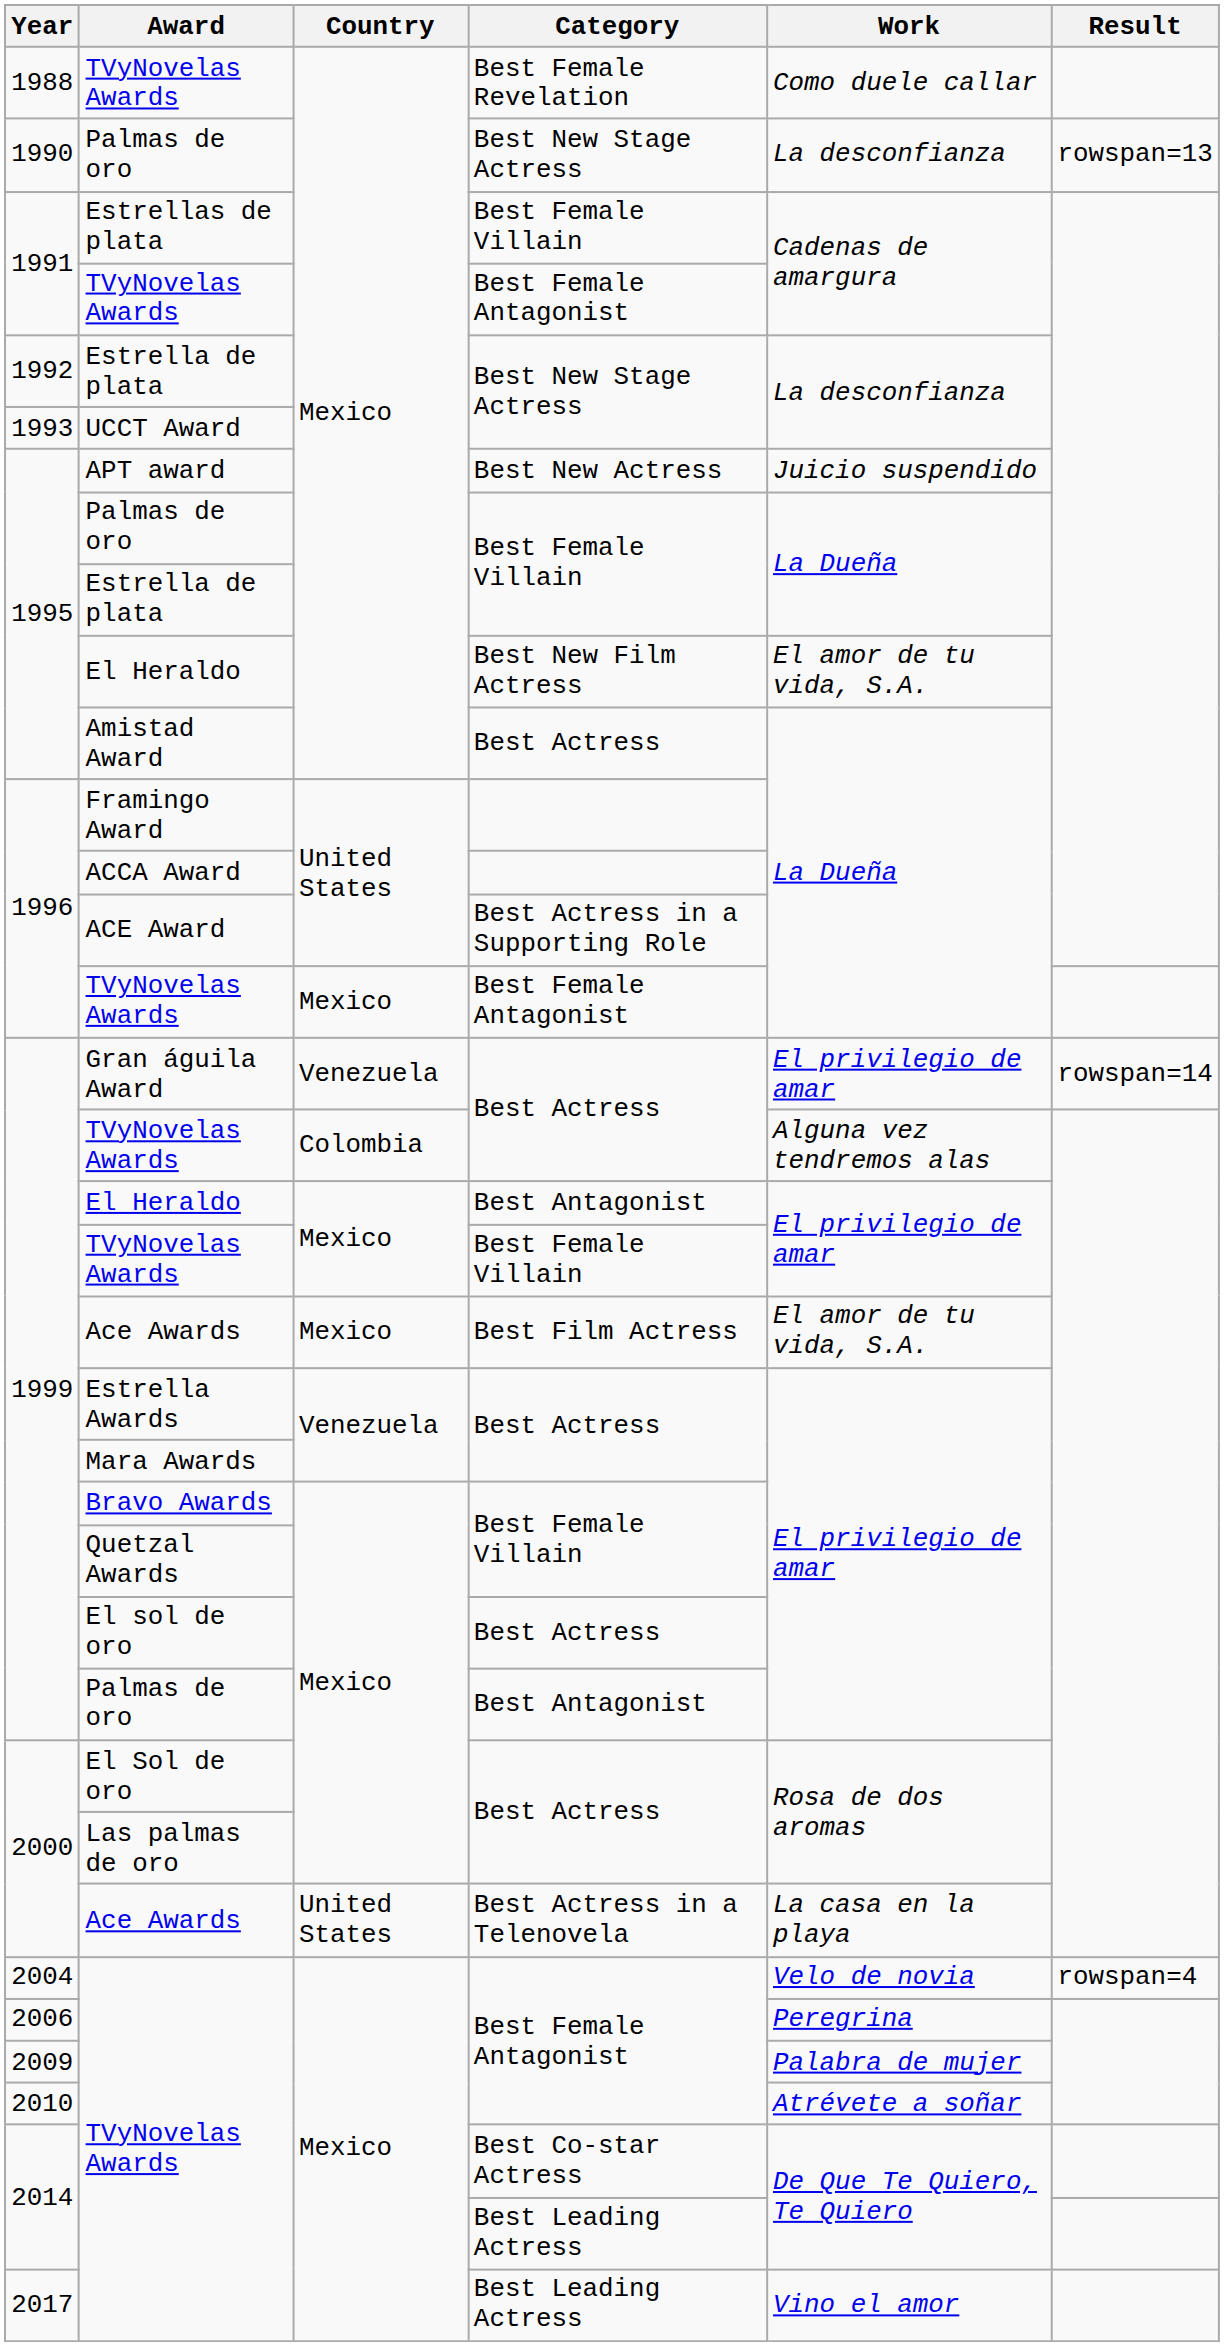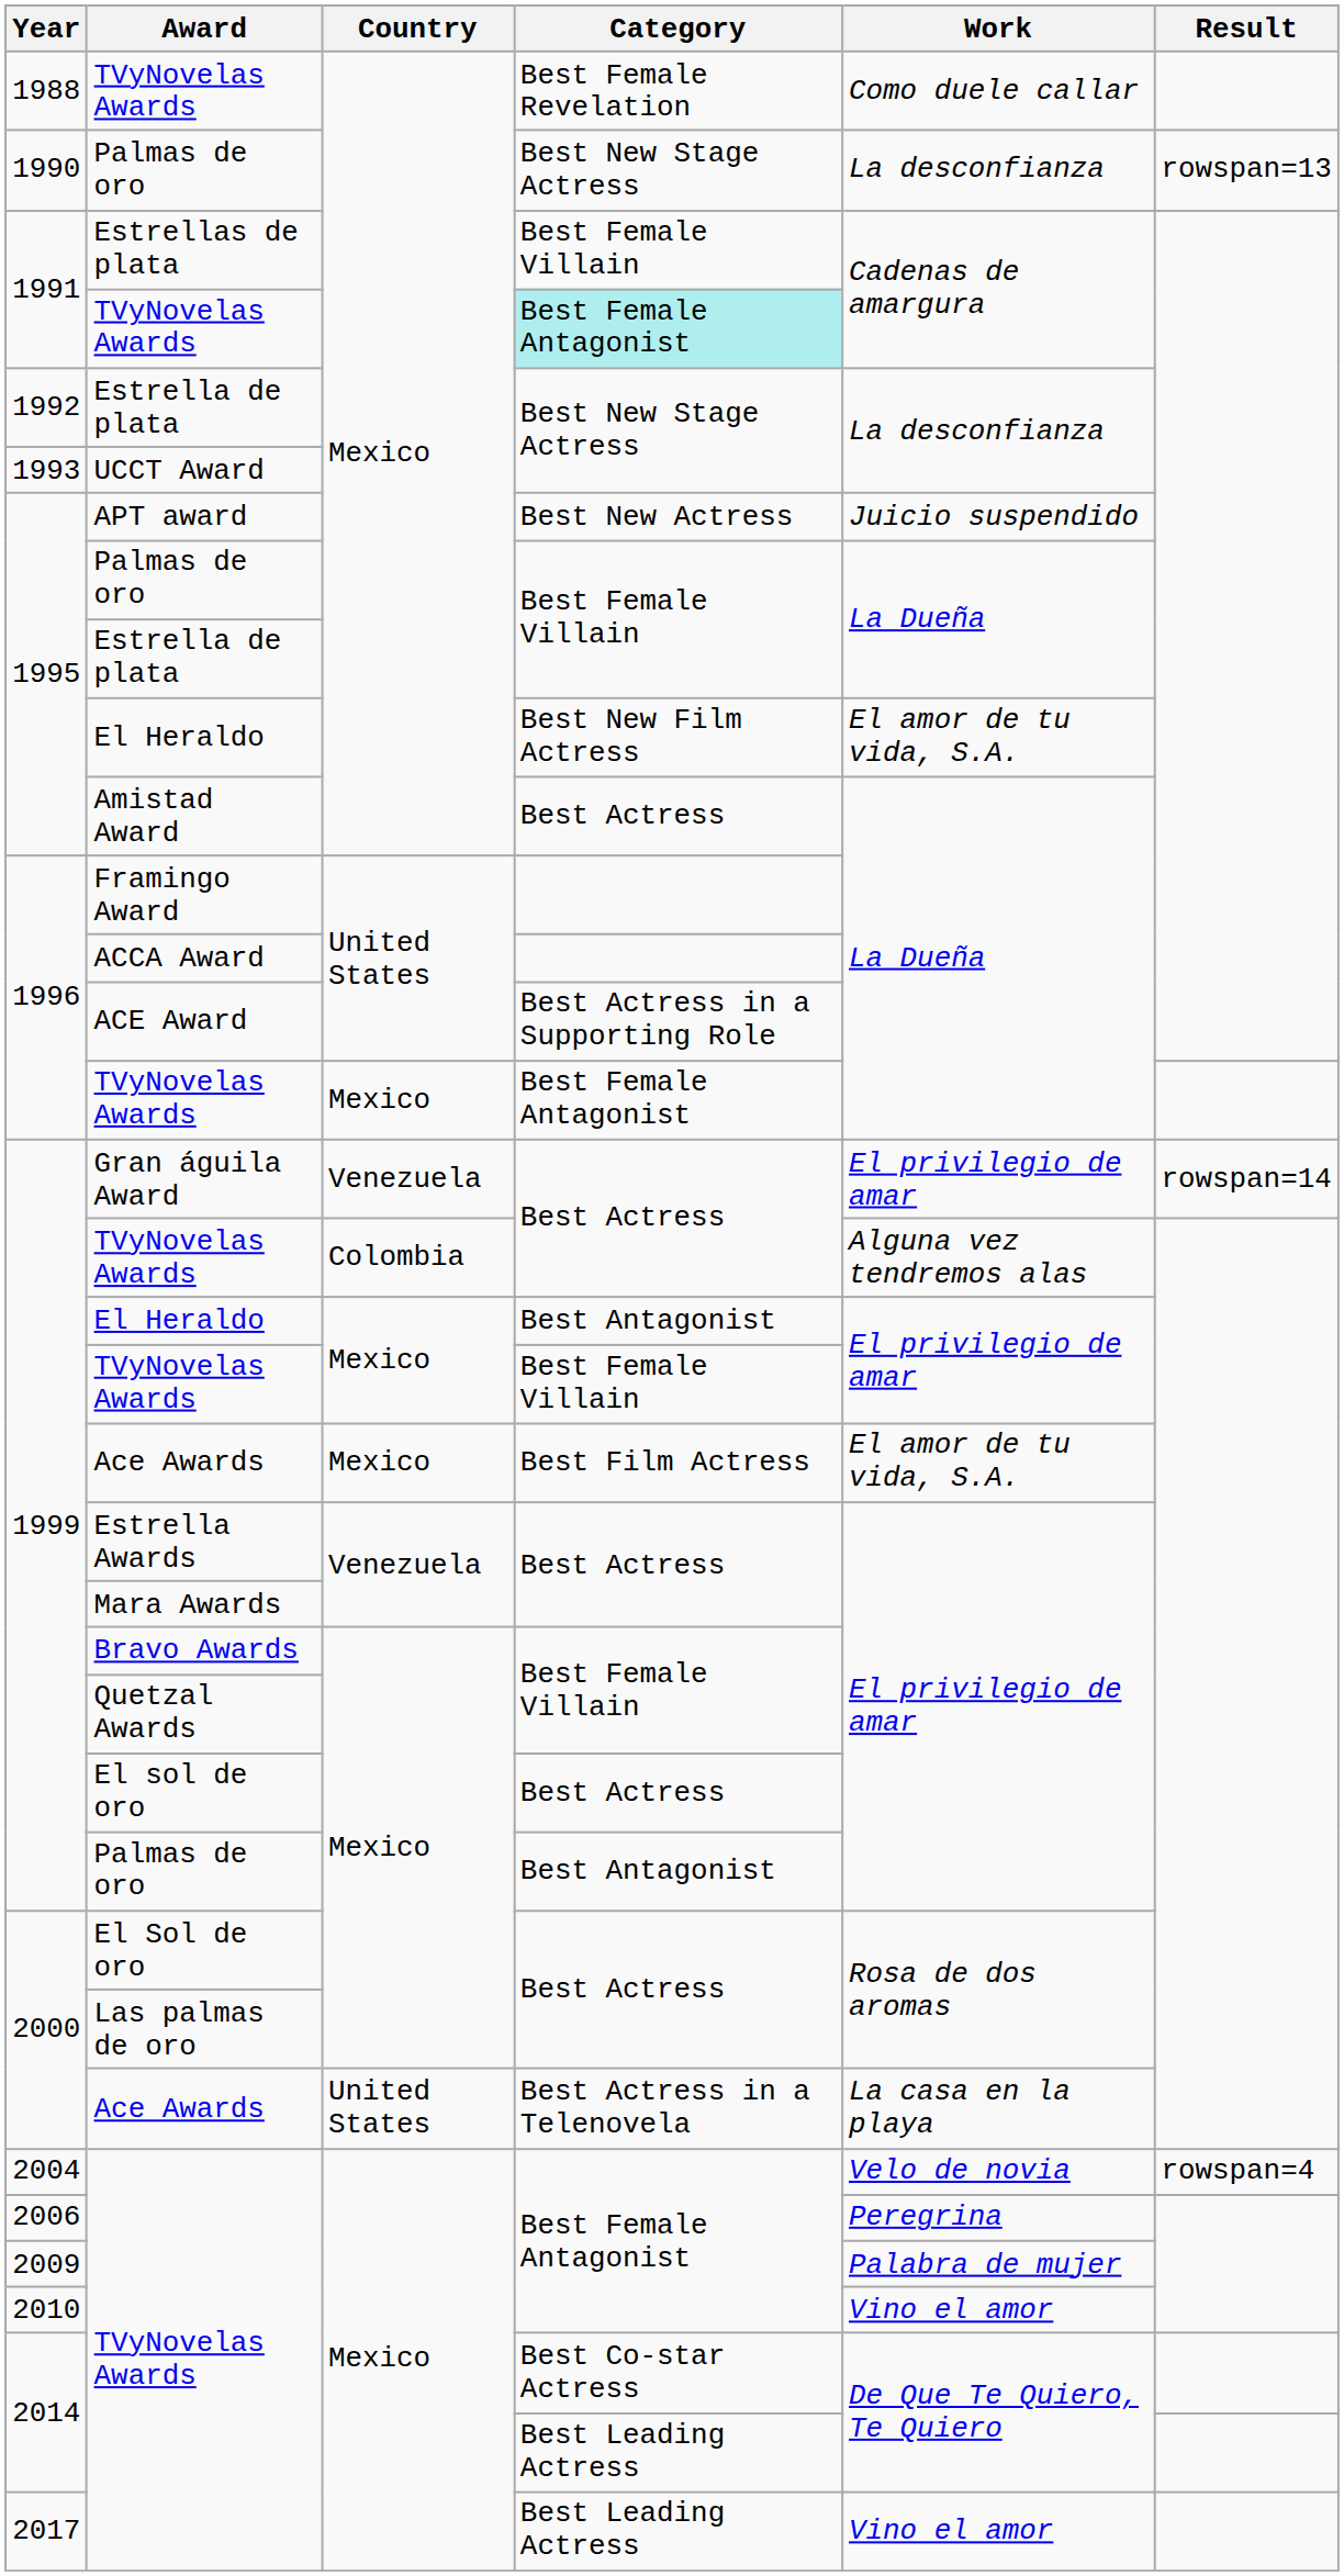 <table class="wikitable">
 <tr>
 <th>Year</th>
 <th>Award</th>
 <th>Country</th>
 <th>Category</th>
 <th>Work</th>
 <th>Result</th>
 </tr>
 <tr>
 <td>1988</td>
 <td><a href='#'>TVyNovelas Awards</a></td>
 <td rowspan=11>Mexico</td>
 <td>Best Female Revelation</td>
 <td><em> Como duele callar </em></td>
 <td></td>
 </tr>
 <tr>
 <td>1990</td>
 <td>Palmas de oro</td>
 <td>Best New Stage Actress</td>
 <td><em>La desconfianza</em></td>
 <td>rowspan=13 </td>
 </tr>
 <tr>
 <td rowspan=2>1991</td>
 <td>Estrellas de plata</td>
 <td>Best Female Villain</td>
 <td rowspan=2><em>Cadenas de amargura</em></td>
 </tr>
 <tr>
 <td><a href='#'>TVyNovelas Awards</a></td>
-<td>Best Female Antagonist</td>
+<td style="background: paleturquoise;">Best Female Antagonist</td>
 </tr>
 <tr>
 <td>1992</td>
 <td>Estrella de plata</td>
 <td rowspan=2>Best New Stage Actress</td>
 <td rowspan=2><em>La desconfianza</em></td>
 </tr>
 <tr>
 <td>1993</td>
 <td>UCCT Award</td>
 </tr>
 <tr>
 <td rowspan=5>1995</td>
 <td>APT award</td>
 <td>Best New Actress</td>
 <td><em>Juicio suspendido</em></td>
 </tr>
 <tr>
 <td>Palmas de oro</td>
 <td rowspan=2>Best Female Villain</td>
 <td rowspan=2><em><a href='#'>La Dueña</a></em></td>
 </tr>
 <tr>
 <td>Estrella de plata</td>
 </tr>
 <tr>
 <td>El Heraldo</td>
 <td>Best New Film Actress</td>
 <td><em>El amor de tu vida, S.A.</em></td>
 </tr>
 <tr>
 <td>Amistad Award</td>
 <td>Best Actress</td>
 <td rowspan=5><em><a href='#'>La Dueña</a></em></td>
 </tr>
 <tr>
 <td rowspan=4>1996</td>
 <td>Framingo Award</td>
 <td rowspan=3>United States</td>
 <td></td>
 </tr>
 <tr>
 <td>ACCA Award</td>
 <td></td>
 </tr>
 <tr>
 <td>ACE Award</td>
 <td>Best Actress in a Supporting Role</td>
 </tr>
 <tr>
 <td><a href='#'>TVyNovelas Awards</a></td>
 <td>Mexico</td>
 <td>Best Female Antagonist</td>
 <td></td>
 </tr>
 <tr>
 <td rowspan=11>1999</td>
 <td>Gran águila Award</td>
 <td>Venezuela</td>
 <td rowspan=2>Best Actress</td>
 <td><em><a href='#'>El privilegio de amar</a></em></td>
 <td>rowspan=14 </td>
 </tr>
 <tr>
 <td><a href='#'>TVyNovelas Awards</a></td>
 <td>Colombia</td>
 <td><em>Alguna vez tendremos alas</em></td>
 </tr>
 <tr>
 <td><a href='#'>El Heraldo</a></td>
 <td rowspan=2>Mexico</td>
 <td>Best Antagonist</td>
 <td rowspan=2><em><a href='#'>El privilegio de amar</a></em></td>
 </tr>
 <tr>
 <td><a href='#'>TVyNovelas Awards</a></td>
 <td>Best Female Villain</td>
 </tr>
 <tr>
 <td>Ace Awards</td>
 <td>Mexico</td>
 <td>Best Film Actress</td>
 <td><em>El amor de tu vida, S.A.</em></td>
 </tr>
 <tr>
 <td>Estrella Awards</td>
 <td rowspan=2>Venezuela</td>
 <td rowspan=2>Best Actress</td>
 <td rowspan=6><em><a href='#'>El privilegio de amar</a></em></td>
 </tr>
 <tr>
 <td>Mara Awards</td>
 </tr>
 <tr>
 <td><a href='#'>Bravo Awards</a></td>
 <td rowspan=6>Mexico</td>
 <td rowspan=2>Best Female Villain</td>
 </tr>
 <tr>
 <td>Quetzal Awards</td>
 </tr>
 <tr>
 <td>El sol de oro</td>
 <td>Best Actress</td>
 </tr>
 <tr>
 <td>Palmas de oro</td>
 <td>Best Antagonist</td>
 </tr>
 <tr>
 <td rowspan=3>2000</td>
 <td>El Sol de oro</td>
 <td rowspan=2>Best Actress</td>
 <td rowspan=2><em>Rosa de dos aromas</em></td>
 </tr>
 <tr>
 <td>Las palmas de oro</td>
 </tr>
 <tr>
 <td><a href='#'>Ace Awards</a></td>
 <td>United States</td>
 <td>Best Actress in a Telenovela</td>
 <td><em>La casa en la playa</em></td>
 </tr>
 <tr>
 <td>2004</td>
 <td rowspan=7><a href='#'>TVyNovelas Awards</a></td>
 <td rowspan=7>Mexico</td>
 <td rowspan=4>Best Female Antagonist</td>
 <td><em><a href='#'>Velo de novia</a></em></td>
 <td>rowspan=4 </td>
 </tr>
 <tr>
 <td>2006</td>
 <td><em><a href='#'>Peregrina</a></em></td>
 </tr>
 <tr>
 <td>2009</td>
 <td><em><a href='#'>Palabra de mujer</a></em></td>
 </tr>
 <tr>
 <td>2010</td>
-<td><em><a href='#'>Atrévete a soñar</a></em></td>
+<td><em><a href='#'>Vino el amor</a></em></td>
 </tr>
 <tr>
 <td rowspan=2>2014</td>
 <td>Best Co-star Actress</td>
 <td rowspan=2><em><a href='#'>De Que Te Quiero, Te Quiero</a></em></td>
 <td></td>
 </tr>
 <tr>
 <td>Best Leading Actress</td>
 <td></td>
 </tr>
 <tr>
 <td>2017</td>
 <td>Best Leading Actress</td>
 <td><em><a href='#'>Vino el amor</a></em></td>
 <td></td>
 </tr>
 </table>
